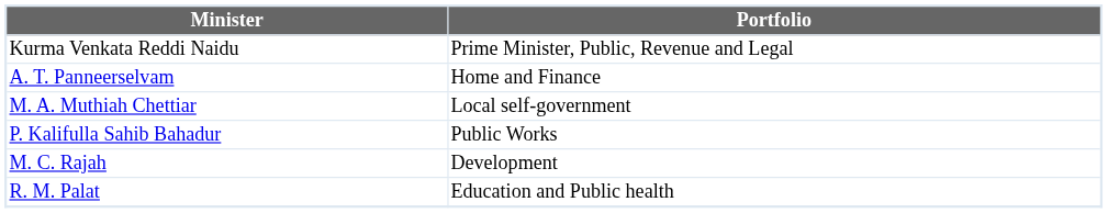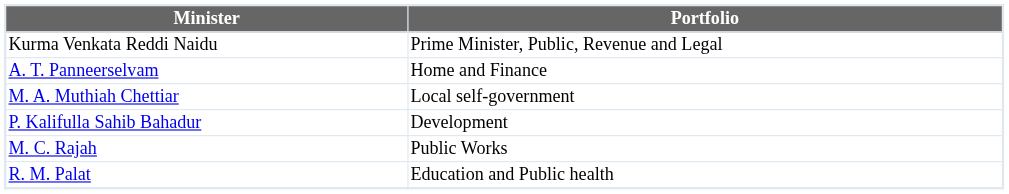 <table width="70%" cellpadding="2" cellspacing="0" border="1" style="border-collapse: collapse; border: 2px #DEE8F1 solid; font-size: x-big; font-family: verdana">
 <tr>
 <th style="background-color:#666666; color:white">Minister</th>
 <th style="background-color:#666666; color:white">Portfolio</th>
 </tr>
 <tr -->
 <td>Kurma Venkata Reddi Naidu</td>
 <td>Prime Minister, Public, Revenue and Legal</td>
 </tr>
 <tr -->
 <td><a href='#'>A. T. Panneerselvam</a></td>
 <td>Home and Finance</td>
 </tr>
 <tr -->
 <td><a href='#'>M. A. Muthiah Chettiar</a></td>
 <td>Local self-government</td>
 </tr>
 <tr -->
 <td><a href='#'>P. Kalifulla Sahib Bahadur</a></td>
-<td>Public Works</td>
+<td>Development</td>
 </tr>
 <tr -->
 <td><a href='#'>M. C. Rajah</a></td>
-<td>Development</td>
+<td>Public Works</td>
 </tr>
 <tr -->
 <td><a href='#'>R. M. Palat</a></td>
 <td>Education and Public health</td>
 </tr>
 </table>
